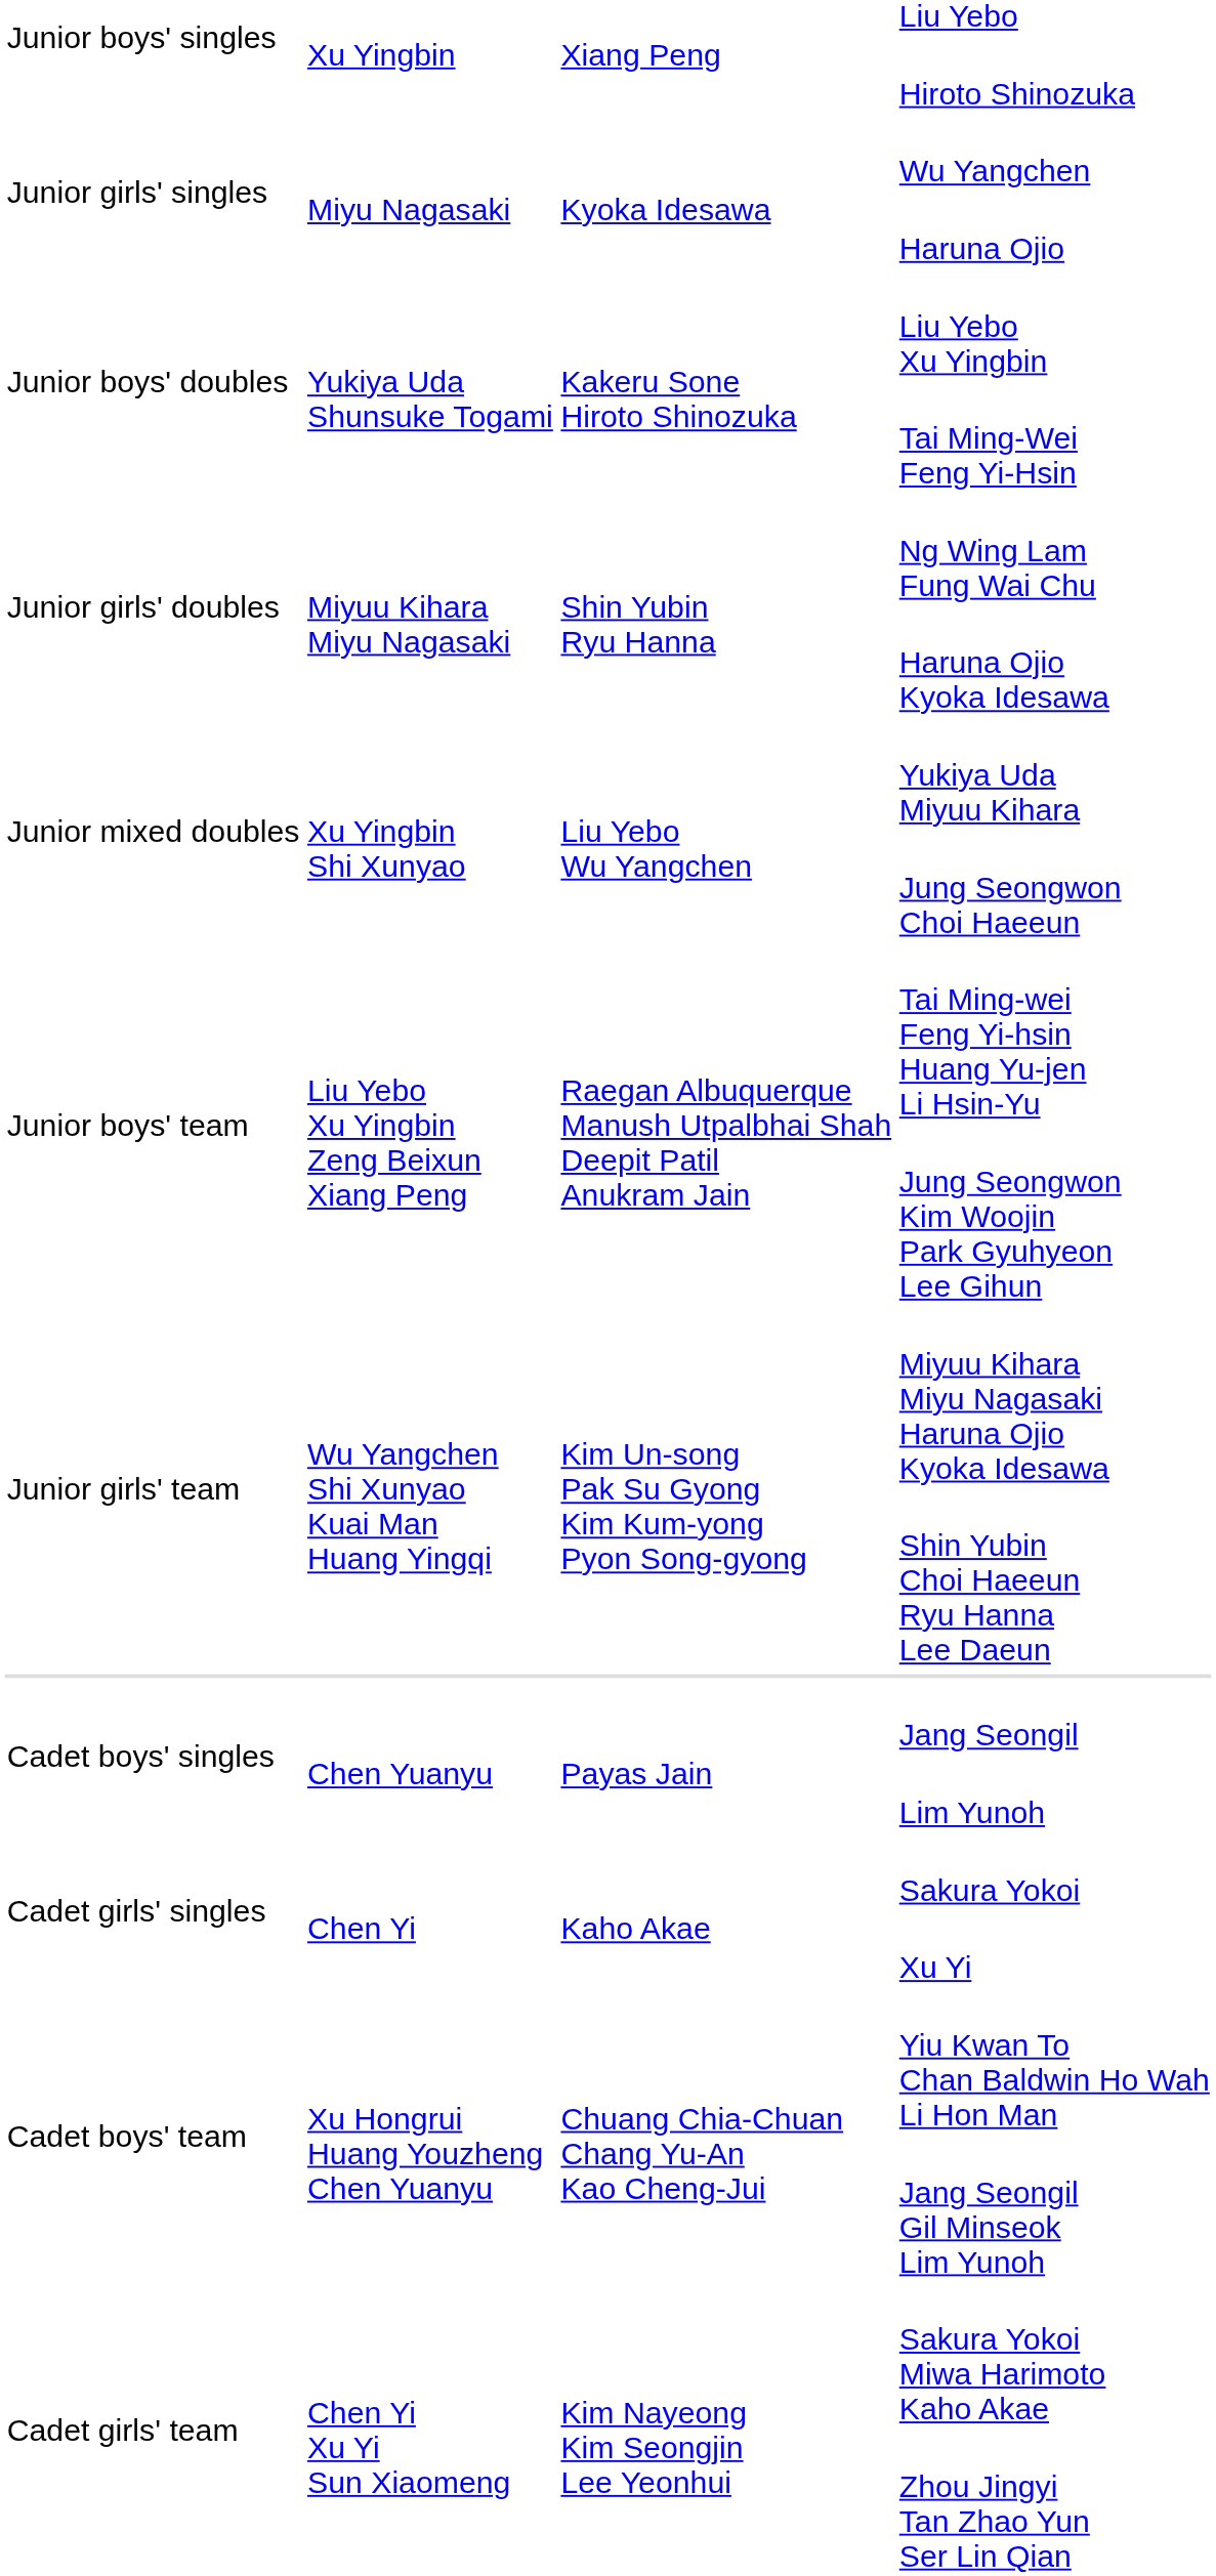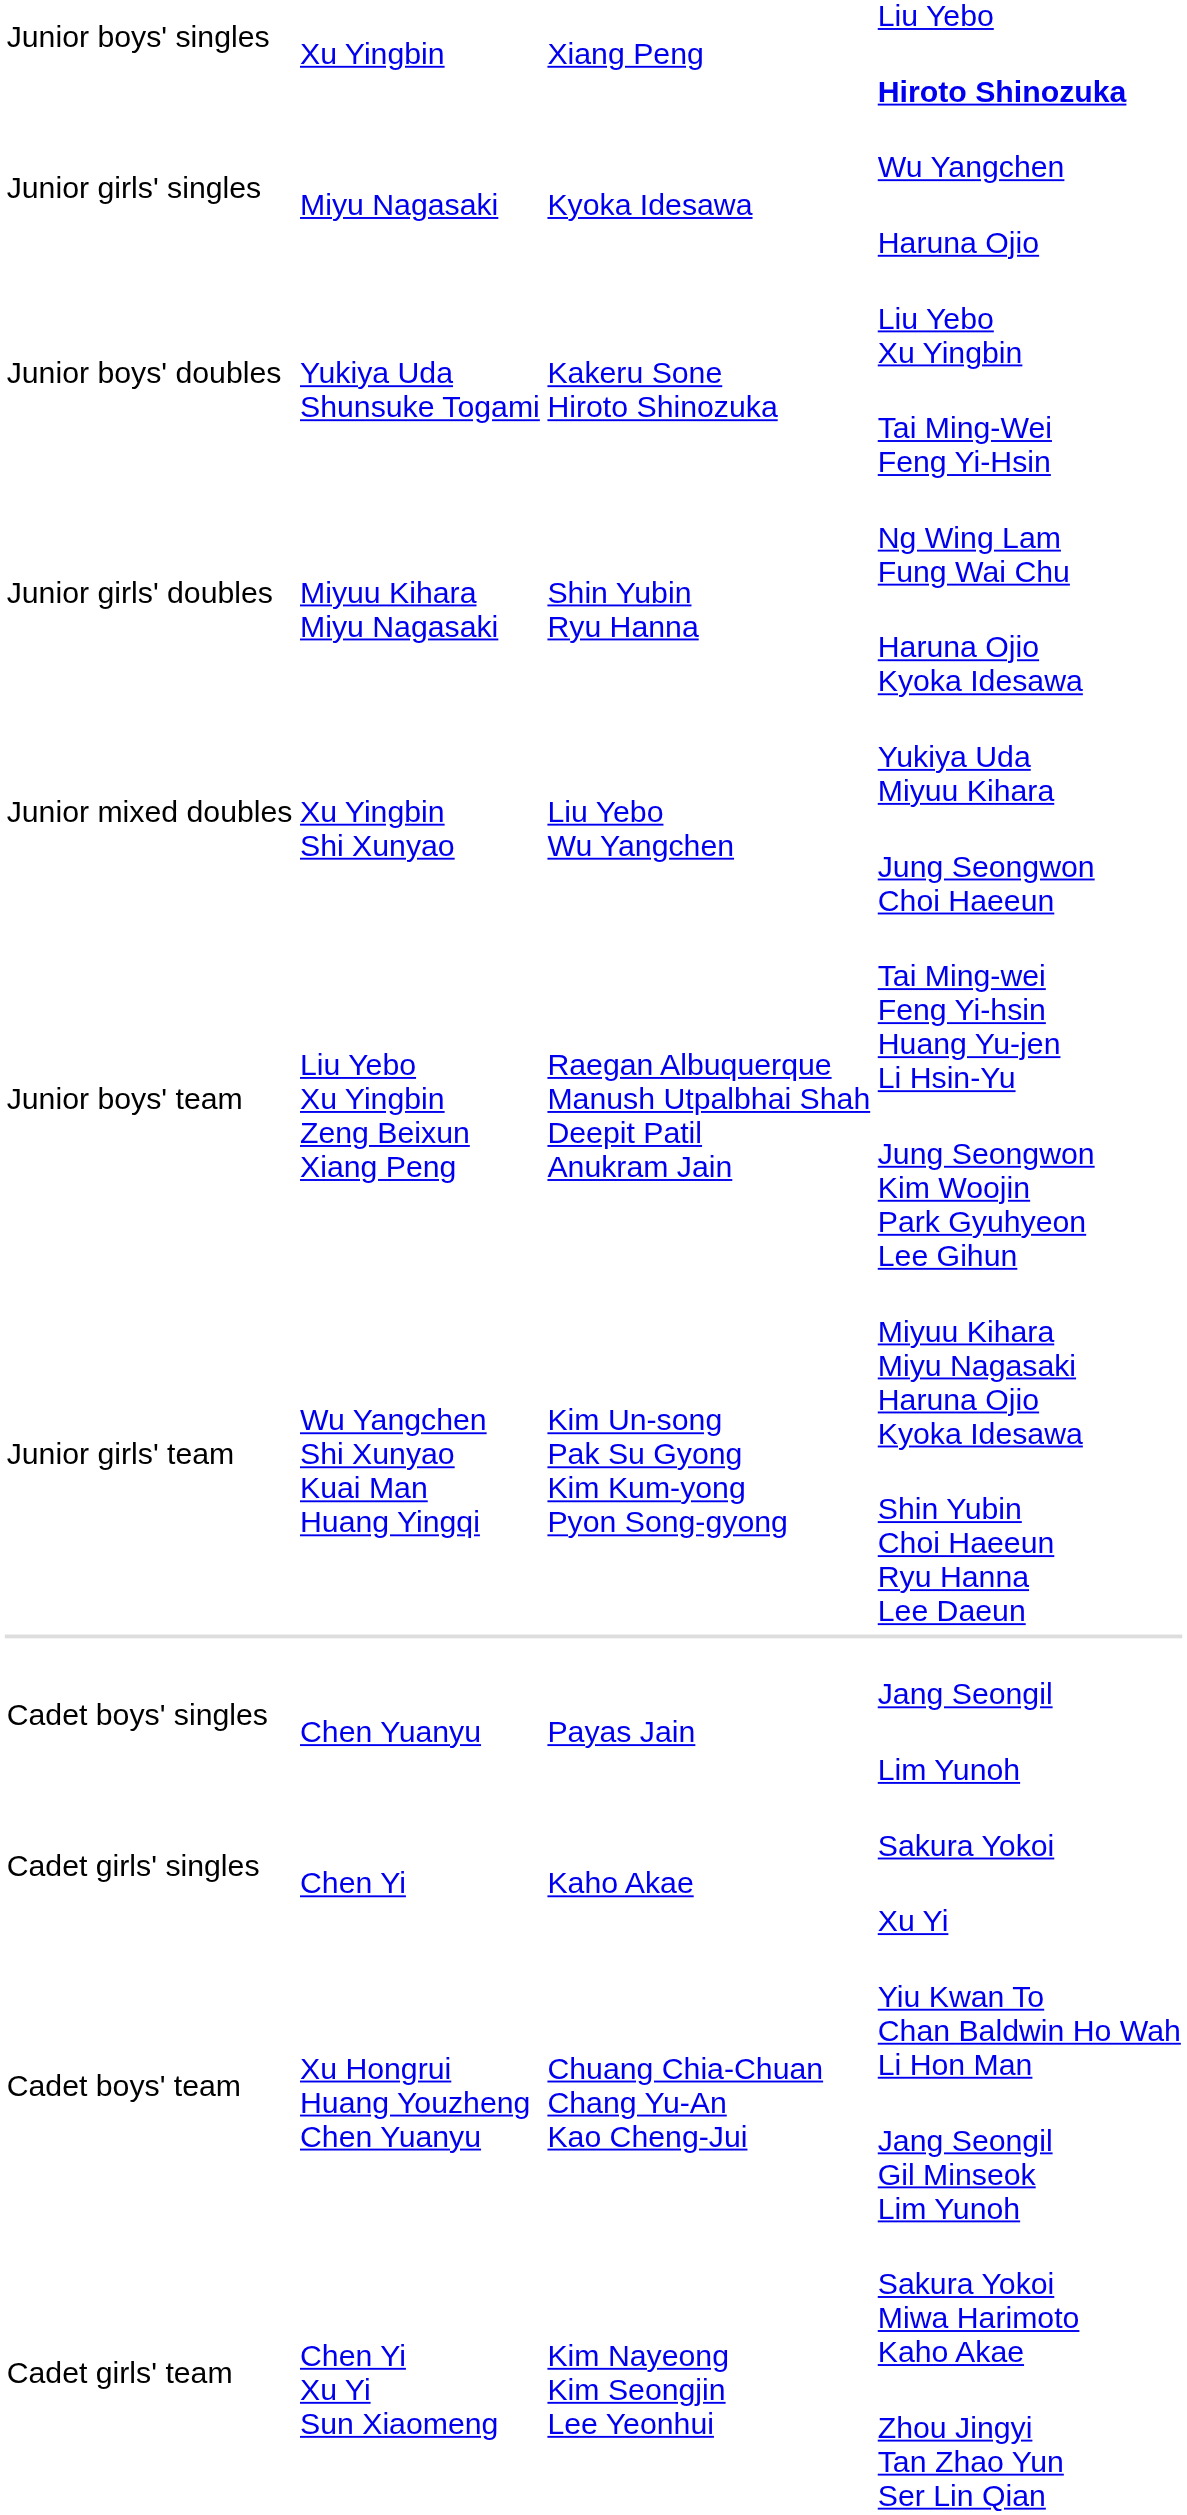 <table>
 <tr>
 <td rowspan=2>Junior boys' singles</td>
 <td rowspan=2><br><a href='#'>Xu Yingbin</a></td>
 <td rowspan=2><br><a href='#'>Xiang Peng</a></td>
 <td><br><a href='#'>Liu Yebo</a></td>
 </tr>
 <tr>
-<td><br><a href='#'>Hiroto Shinozuka</a></td>
+<td><strong><br><a href='#'>Hiroto Shinozuka</a></strong></td>
 </tr>
 <tr>
 <td rowspan=2>Junior girls' singles</td>
 <td rowspan=2><br><a href='#'>Miyu Nagasaki</a></td>
 <td rowspan=2><br><a href='#'>Kyoka Idesawa</a></td>
 <td><br><a href='#'>Wu Yangchen</a></td>
 </tr>
 <tr>
 <td><br><a href='#'>Haruna Ojio</a></td>
 </tr>
 <tr>
 <td rowspan=2>Junior boys' doubles</td>
 <td rowspan=2><br><a href='#'>Yukiya Uda</a><br><a href='#'>Shunsuke Togami</a></td>
 <td rowspan=2><br><a href='#'>Kakeru Sone</a><br><a href='#'>Hiroto Shinozuka</a></td>
 <td><br><a href='#'>Liu Yebo</a><br><a href='#'>Xu Yingbin</a></td>
 </tr>
 <tr>
 <td><br><a href='#'>Tai Ming-Wei</a><br><a href='#'>Feng Yi-Hsin</a></td>
 </tr>
 <tr>
 <td rowspan=2>Junior girls' doubles</td>
 <td rowspan=2><br><a href='#'>Miyuu Kihara</a><br><a href='#'>Miyu Nagasaki</a></td>
 <td rowspan=2><br><a href='#'>Shin Yubin</a><br><a href='#'>Ryu Hanna</a></td>
 <td><br><a href='#'>Ng Wing Lam</a><br><a href='#'>Fung Wai Chu</a></td>
 </tr>
 <tr>
 <td><br><a href='#'>Haruna Ojio</a><br><a href='#'>Kyoka Idesawa</a></td>
 </tr>
 <tr>
 <td rowspan=2>Junior mixed doubles</td>
 <td rowspan=2><br><a href='#'>Xu Yingbin</a><br><a href='#'>Shi Xunyao</a></td>
 <td rowspan=2><br><a href='#'>Liu Yebo</a><br><a href='#'>Wu Yangchen</a></td>
 <td><br><a href='#'>Yukiya Uda</a><br><a href='#'>Miyuu Kihara</a></td>
 </tr>
 <tr>
 <td><br><a href='#'>Jung Seongwon</a><br><a href='#'>Choi Haeeun</a></td>
 </tr>
 <tr>
 <td rowspan=2>Junior boys' team</td>
 <td rowspan=2><br><a href='#'>Liu Yebo</a><br><a href='#'>Xu Yingbin</a><br><a href='#'>Zeng Beixun</a><br><a href='#'>Xiang Peng</a></td>
 <td rowspan=2><br><a href='#'>Raegan Albuquerque</a><br><a href='#'>Manush Utpalbhai Shah</a><br><a href='#'>Deepit Patil</a><br><a href='#'>Anukram Jain</a></td>
 <td><br><a href='#'>Tai Ming-wei</a><br><a href='#'>Feng Yi-hsin</a><br><a href='#'>Huang Yu-jen</a><br><a href='#'>Li Hsin-Yu</a></td>
 </tr>
 <tr>
 <td><br><a href='#'>Jung Seongwon</a><br><a href='#'>Kim Woojin</a><br><a href='#'>Park Gyuhyeon</a><br><a href='#'>Lee Gihun</a></td>
 </tr>
 <tr>
 <td rowspan=2>Junior girls' team</td>
 <td rowspan=2><br><a href='#'>Wu Yangchen</a><br><a href='#'>Shi Xunyao</a><br><a href='#'>Kuai Man</a><br><a href='#'>Huang Yingqi</a></td>
 <td rowspan=2><br><a href='#'>Kim Un-song</a><br><a href='#'>Pak Su Gyong</a><br><a href='#'>Kim Kum-yong</a><br><a href='#'>Pyon Song-gyong</a></td>
 <td><br><a href='#'>Miyuu Kihara</a><br><a href='#'>Miyu Nagasaki</a><br><a href='#'>Haruna Ojio</a><br><a href='#'>Kyoka Idesawa</a></td>
 </tr>
 <tr>
 <td><br><a href='#'>Shin Yubin</a><br><a href='#'>Choi Haeeun</a><br><a href='#'>Ryu Hanna</a><br><a href='#'>Lee Daeun</a></td>
 </tr>
 <tr style="background:#dddddd;">
 <td colspan=7></td>
 </tr>
 <tr>
 <td rowspan=2>Cadet boys' singles</td>
 <td rowspan=2><br><a href='#'>Chen Yuanyu</a></td>
 <td rowspan=2><br><a href='#'>Payas Jain</a></td>
 <td><br><a href='#'>Jang Seongil</a></td>
 </tr>
 <tr>
 <td><br><a href='#'>Lim Yunoh</a></td>
 </tr>
 <tr>
 <td rowspan=2>Cadet girls' singles</td>
 <td rowspan=2><br><a href='#'>Chen Yi</a></td>
 <td rowspan=2><br><a href='#'>Kaho Akae</a></td>
 <td><br><a href='#'>Sakura Yokoi</a></td>
 </tr>
 <tr>
 <td><br><a href='#'>Xu Yi</a></td>
 </tr>
 <tr>
 <td rowspan=2>Cadet boys' team</td>
 <td rowspan=2><br><a href='#'>Xu Hongrui</a><br><a href='#'>Huang Youzheng</a><br><a href='#'>Chen Yuanyu</a></td>
 <td rowspan=2><br><a href='#'>Chuang Chia-Chuan</a><br><a href='#'>Chang Yu-An</a><br><a href='#'>Kao Cheng-Jui</a></td>
 <td><br><a href='#'>Yiu Kwan To</a><br><a href='#'>Chan Baldwin Ho Wah </a><br><a href='#'>Li Hon Man</a></td>
 </tr>
 <tr>
 <td><br><a href='#'>Jang Seongil</a><br><a href='#'>Gil Minseok</a><br><a href='#'>Lim Yunoh</a></td>
 </tr>
 <tr>
 <td rowspan=2>Cadet girls' team</td>
 <td rowspan=2><br><a href='#'>Chen Yi</a><br><a href='#'>Xu Yi</a><br><a href='#'>Sun Xiaomeng</a></td>
 <td rowspan=2><br><a href='#'>Kim Nayeong</a><br><a href='#'>Kim Seongjin</a><br><a href='#'>Lee Yeonhui</a></td>
 <td><br><a href='#'>Sakura Yokoi</a><br><a href='#'>Miwa Harimoto</a><br><a href='#'>Kaho Akae</a></td>
 </tr>
 <tr>
 <td><br><a href='#'>Zhou Jingyi</a><br><a href='#'>Tan Zhao Yun</a><br><a href='#'>Ser Lin Qian</a></td>
 </tr>
 </table>
